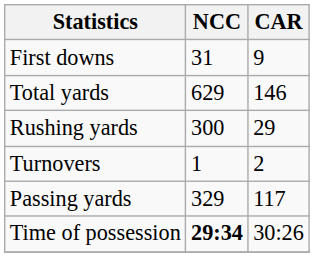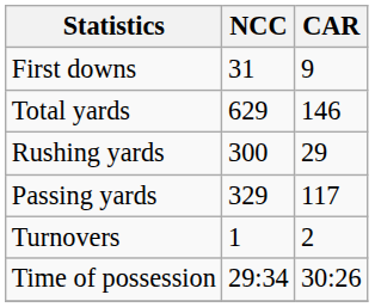 <table class="wikitable">
 <tr>
 <th>Statistics</th>
 <th>NCC</th>
 <th>CAR</th>
 </tr>
 <tr>
 <td>First downs</td>
 <td>31</td>
 <td>9</td>
 </tr>
 <tr>
 <td>Total yards</td>
 <td>629</td>
 <td>146</td>
 </tr>
 <tr>
 <td>Rushing yards</td>
 <td>300</td>
 <td>29</td>
 </tr>
 <tr>
+<td>Passing yards</td>
+<td>329</td>
+<td>117</td>
+</tr>
+<tr>
 <td>Turnovers</td>
 <td>1</td>
 <td>2</td>
 </tr>
 <tr>
-<td>Passing yards</td>
-<td>329</td>
-<td>117</td>
-</tr>
-<tr>
 <td>Time of possession</td>
-<td><strong>29:34</strong></td>
+<td>29:34</td>
 <td>30:26</td>
 </tr>
 <tr>
 </tr>
 </table>
